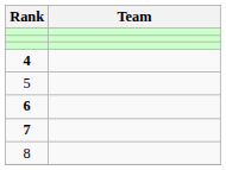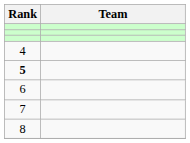 <table class="wikitable" style="text-align: center;">
 <tr>
 <th width=40>Rank</th>
 <th width=180>Team</th>
 </tr>
 <tr align=center; bgcolor=#ccffcc>
 <td></td>
 <td style="text-align:left;"></td>
 </tr>
 <tr align=center; bgcolor=#ccffcc>
 <td></td>
 <td style="text-align:left;"></td>
 </tr>
 <tr align=center; bgcolor=#ccffcc>
 <td></td>
 <td style="text-align:left;"></td>
 </tr>
 <tr align=center>
-<td><strong>4</strong></td>
+<td>4</td>
 <td style="text-align:left;"></td>
 </tr>
 <tr align=center>
-<td>5</td>
+<td><strong>5</strong></td>
 <td style="text-align:left;"></td>
 </tr>
 <tr align=center>
-<td><strong>6</strong></td>
+<td>6</td>
 <td style="text-align:left;"></td>
 </tr>
 <tr align=center>
-<td><strong>7</strong></td>
+<td>7</td>
 <td style="text-align:left;"></td>
 </tr>
 <tr align=center>
 <td>8</td>
 <td style="text-align:left;"></td>
 </tr>
 <tr align=center>
 </tr>
 </table>
